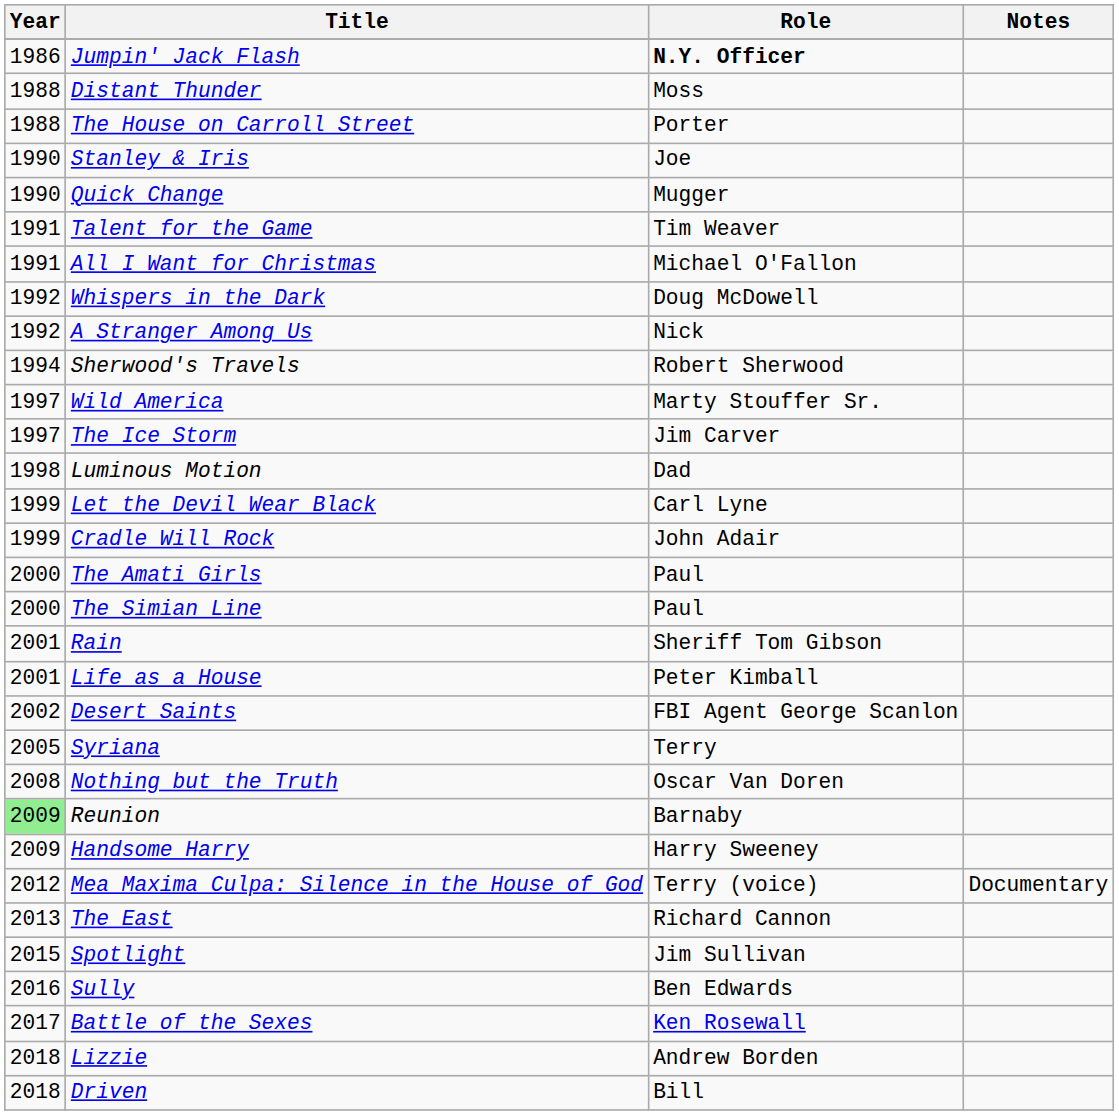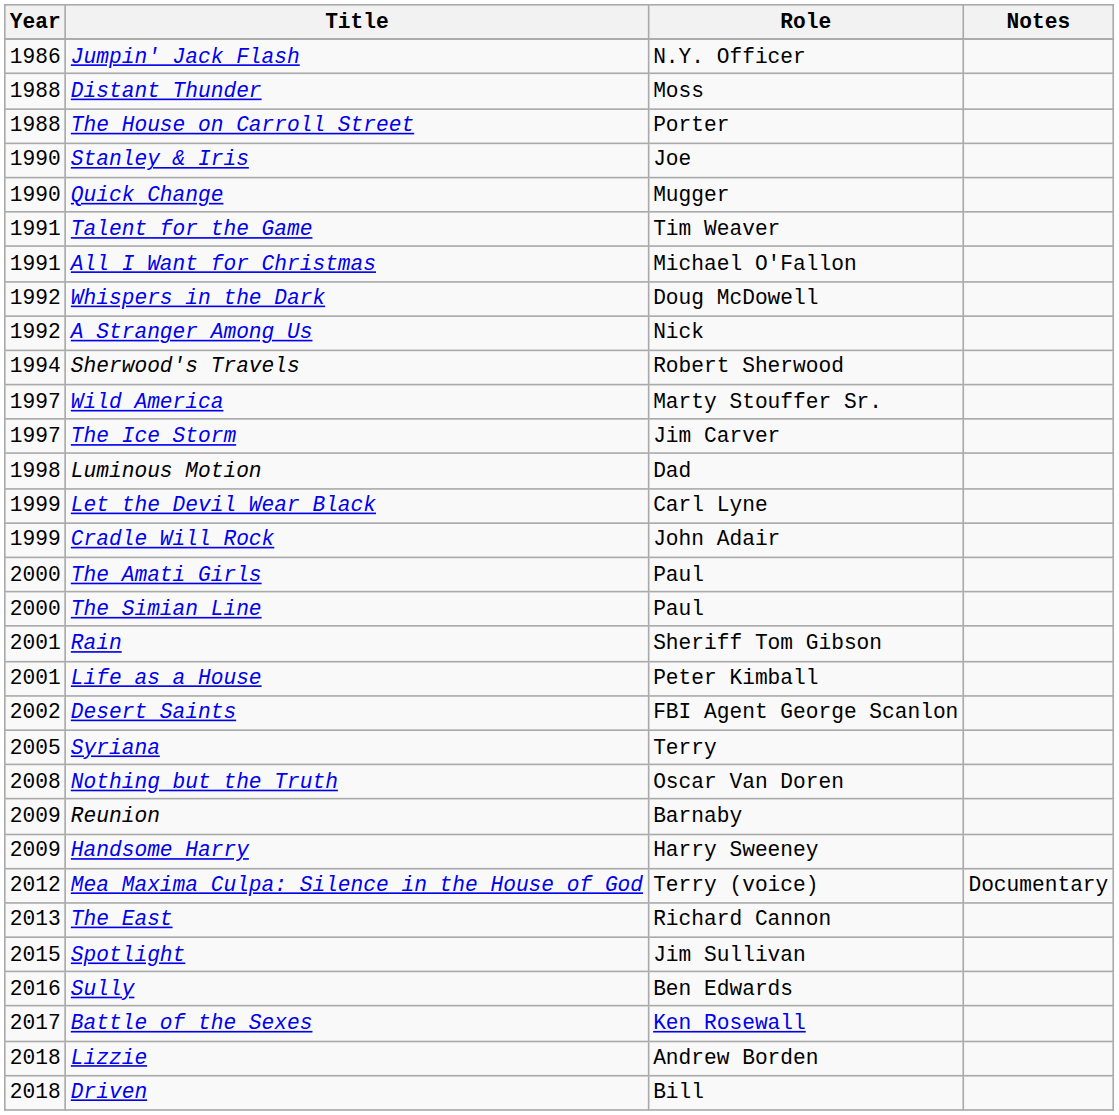 <table class="sortable wikitable">
 <tr>
 <th>Year</th>
 <th>Title</th>
 <th>Role</th>
 <th class="unsortable">Notes</th>
 </tr>
 <tr>
 </tr>
 <tr>
 <td>1986</td>
 <td><em><a href='#'>Jumpin' Jack Flash</a></em></td>
-<td><strong>N.Y. Officer</strong></td>
+<td>N.Y. Officer</td>
 <td></td>
 </tr>
 <tr>
 <td>1988</td>
 <td><em><a href='#'>Distant Thunder</a></em></td>
 <td>Moss</td>
 <td></td>
 </tr>
 <tr>
 <td>1988</td>
 <td><em><a href='#'>The House on Carroll Street</a></em></td>
 <td>Porter</td>
 <td></td>
 </tr>
 <tr>
 <td>1990</td>
 <td><em><a href='#'>Stanley & Iris</a></em></td>
 <td>Joe</td>
 <td></td>
 </tr>
 <tr>
 <td>1990</td>
 <td><em><a href='#'>Quick Change</a></em></td>
 <td>Mugger</td>
 <td></td>
 </tr>
 <tr>
 <td>1991</td>
 <td><em><a href='#'>Talent for the Game</a></em></td>
 <td>Tim Weaver</td>
 <td></td>
 </tr>
 <tr>
 <td>1991</td>
 <td><em><a href='#'>All I Want for Christmas</a></em></td>
 <td>Michael O'Fallon</td>
 <td></td>
 </tr>
 <tr>
 <td>1992</td>
 <td><em><a href='#'>Whispers in the Dark</a></em></td>
 <td>Doug McDowell</td>
 <td></td>
 </tr>
 <tr>
 <td>1992</td>
 <td><em><a href='#'>A Stranger Among Us</a></em></td>
 <td>Nick</td>
 <td></td>
 </tr>
 <tr>
 <td>1994</td>
 <td><em>Sherwood's Travels</em></td>
 <td>Robert Sherwood</td>
 <td></td>
 </tr>
 <tr>
 <td>1997</td>
 <td><em><a href='#'>Wild America</a></em></td>
 <td>Marty Stouffer Sr.</td>
 <td></td>
 </tr>
 <tr>
 <td>1997</td>
 <td><em><a href='#'>The Ice Storm</a></em></td>
 <td>Jim Carver</td>
 <td></td>
 </tr>
 <tr>
 <td>1998</td>
 <td><em>Luminous Motion</em></td>
 <td>Dad</td>
 <td></td>
 </tr>
 <tr>
 <td>1999</td>
 <td><em><a href='#'>Let the Devil Wear Black</a></em></td>
 <td>Carl Lyne</td>
 <td></td>
 </tr>
 <tr>
 <td>1999</td>
 <td><em><a href='#'>Cradle Will Rock</a></em></td>
 <td>John Adair</td>
 <td></td>
 </tr>
 <tr>
 <td>2000</td>
 <td><em><a href='#'>The Amati Girls</a></em></td>
 <td>Paul</td>
 <td></td>
 </tr>
 <tr>
 <td>2000</td>
 <td><em><a href='#'>The Simian Line</a></em></td>
 <td>Paul</td>
 <td></td>
 </tr>
 <tr>
 <td>2001</td>
 <td><em><a href='#'>Rain</a></em></td>
 <td>Sheriff Tom Gibson</td>
 <td></td>
 </tr>
 <tr>
 <td>2001</td>
 <td><em><a href='#'>Life as a House</a></em></td>
 <td>Peter Kimball</td>
 <td></td>
 </tr>
 <tr>
 <td>2002</td>
 <td><em><a href='#'>Desert Saints</a></em></td>
 <td>FBI Agent George Scanlon</td>
 <td></td>
 </tr>
 <tr>
 <td>2005</td>
 <td><em><a href='#'>Syriana</a></em></td>
 <td>Terry</td>
 <td></td>
 </tr>
 <tr>
 <td>2008</td>
 <td><em><a href='#'>Nothing but the Truth</a></em></td>
 <td>Oscar Van Doren</td>
 <td></td>
 </tr>
 <tr>
-<td style="background: lightgreen;">2009</td>
+<td>2009</td>
 <td><em>Reunion</em></td>
 <td>Barnaby</td>
 <td></td>
 </tr>
 <tr>
 <td>2009</td>
 <td><em><a href='#'>Handsome Harry</a></em></td>
 <td>Harry Sweeney</td>
 <td></td>
 </tr>
 <tr>
 <td>2012</td>
 <td><em><a href='#'>Mea Maxima Culpa: Silence in the House of God</a></em></td>
 <td>Terry (voice)</td>
 <td>Documentary</td>
 </tr>
 <tr>
 <td>2013</td>
 <td><em><a href='#'>The East</a></em></td>
 <td>Richard Cannon</td>
 <td></td>
 </tr>
 <tr>
 <td>2015</td>
 <td><em><a href='#'>Spotlight</a></em></td>
 <td>Jim Sullivan</td>
 <td></td>
 </tr>
 <tr>
 <td>2016</td>
 <td><em><a href='#'>Sully</a></em></td>
 <td>Ben Edwards</td>
 <td></td>
 </tr>
 <tr>
 <td>2017</td>
 <td><em><a href='#'>Battle of the Sexes</a></em></td>
 <td><a href='#'>Ken Rosewall</a></td>
 <td></td>
 </tr>
 <tr>
 <td>2018</td>
 <td><em><a href='#'>Lizzie</a></em></td>
 <td>Andrew Borden</td>
 <td></td>
 </tr>
 <tr>
 <td>2018</td>
 <td><em><a href='#'>Driven</a></em></td>
 <td>Bill</td>
 <td></td>
 </tr>
 </table>
